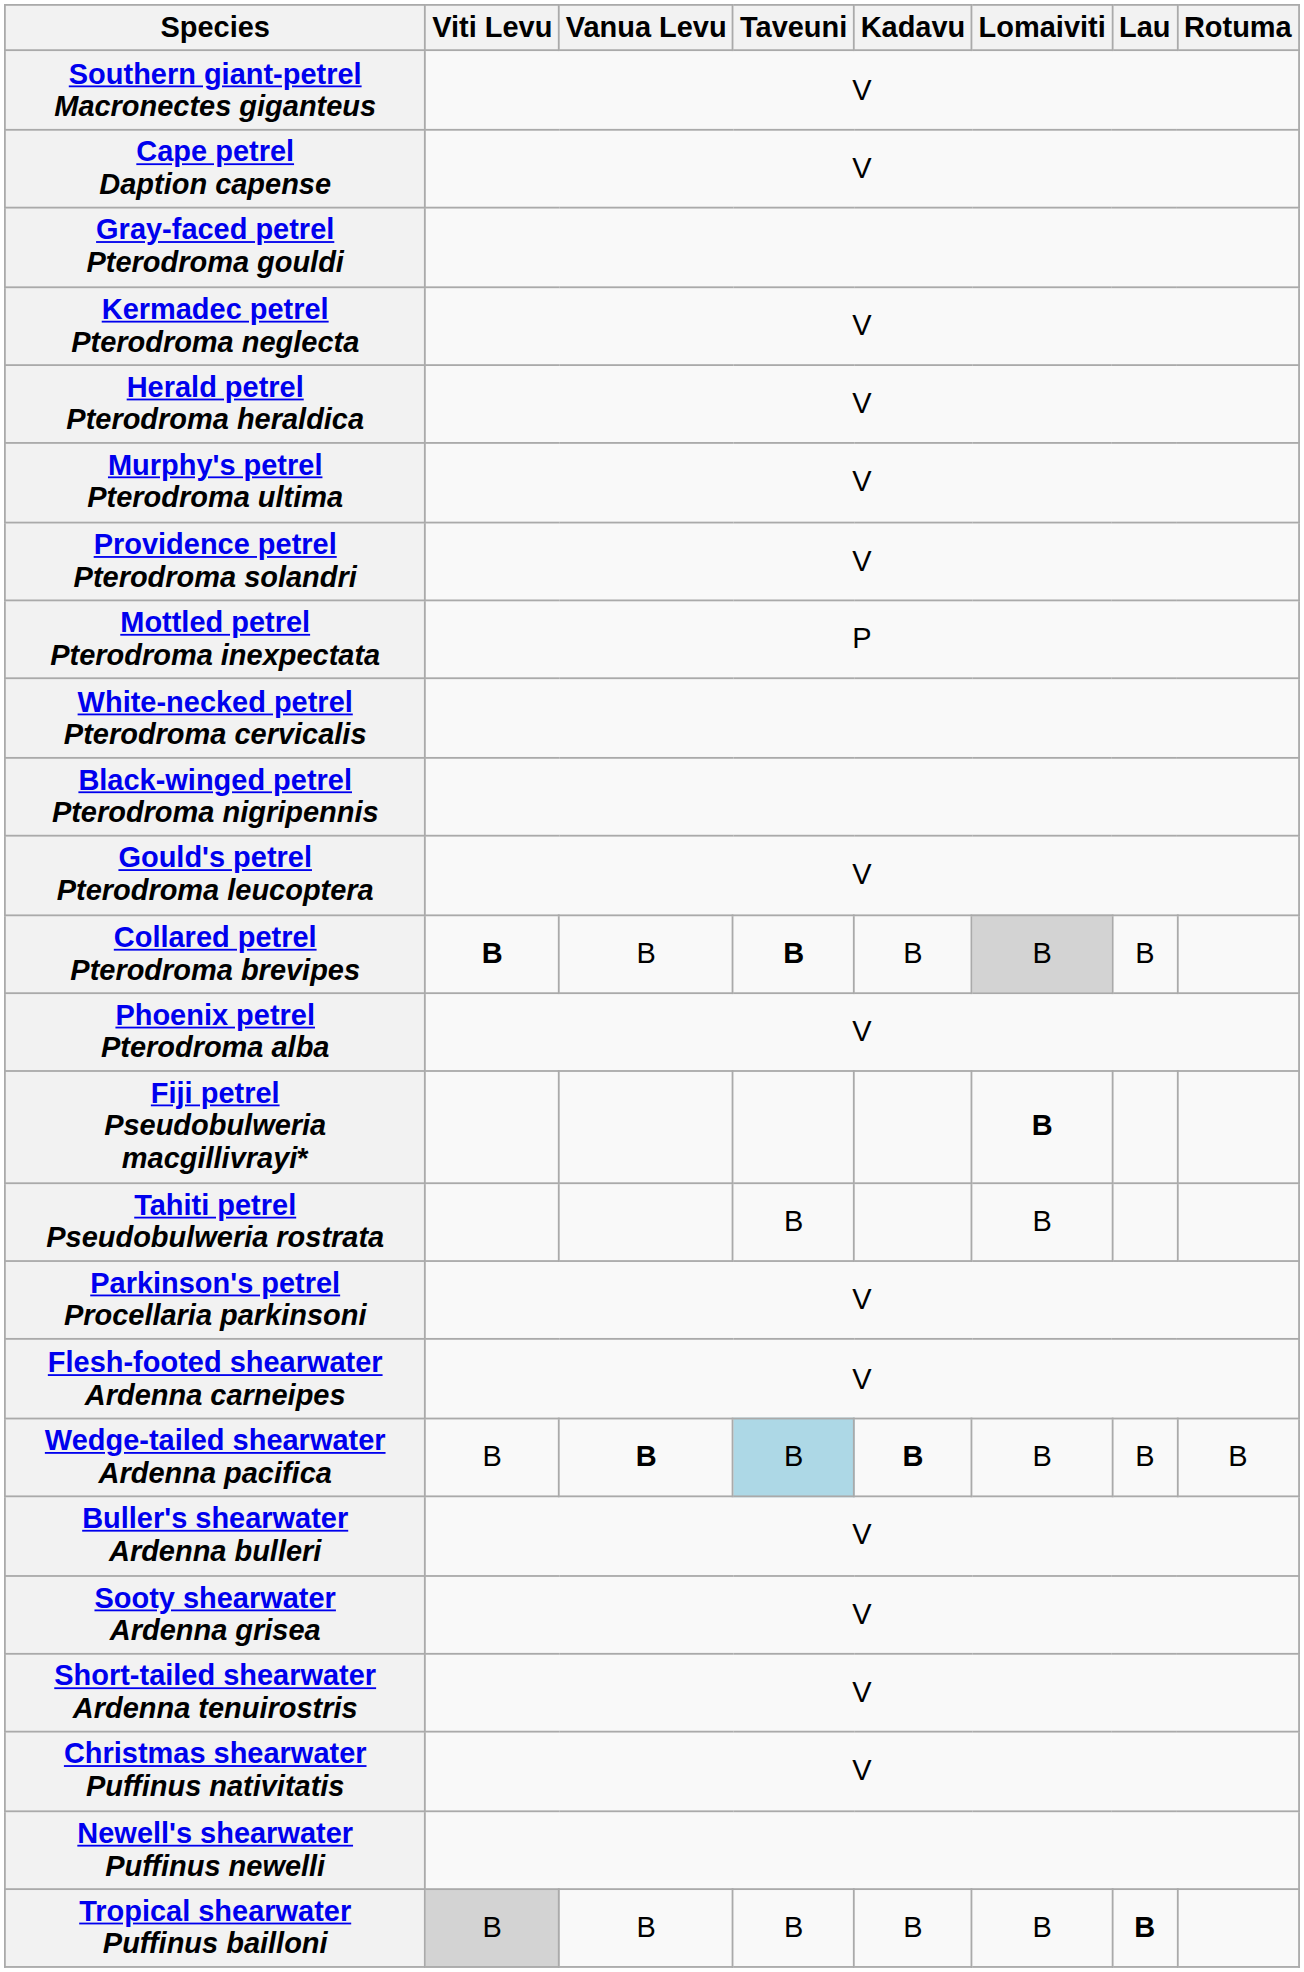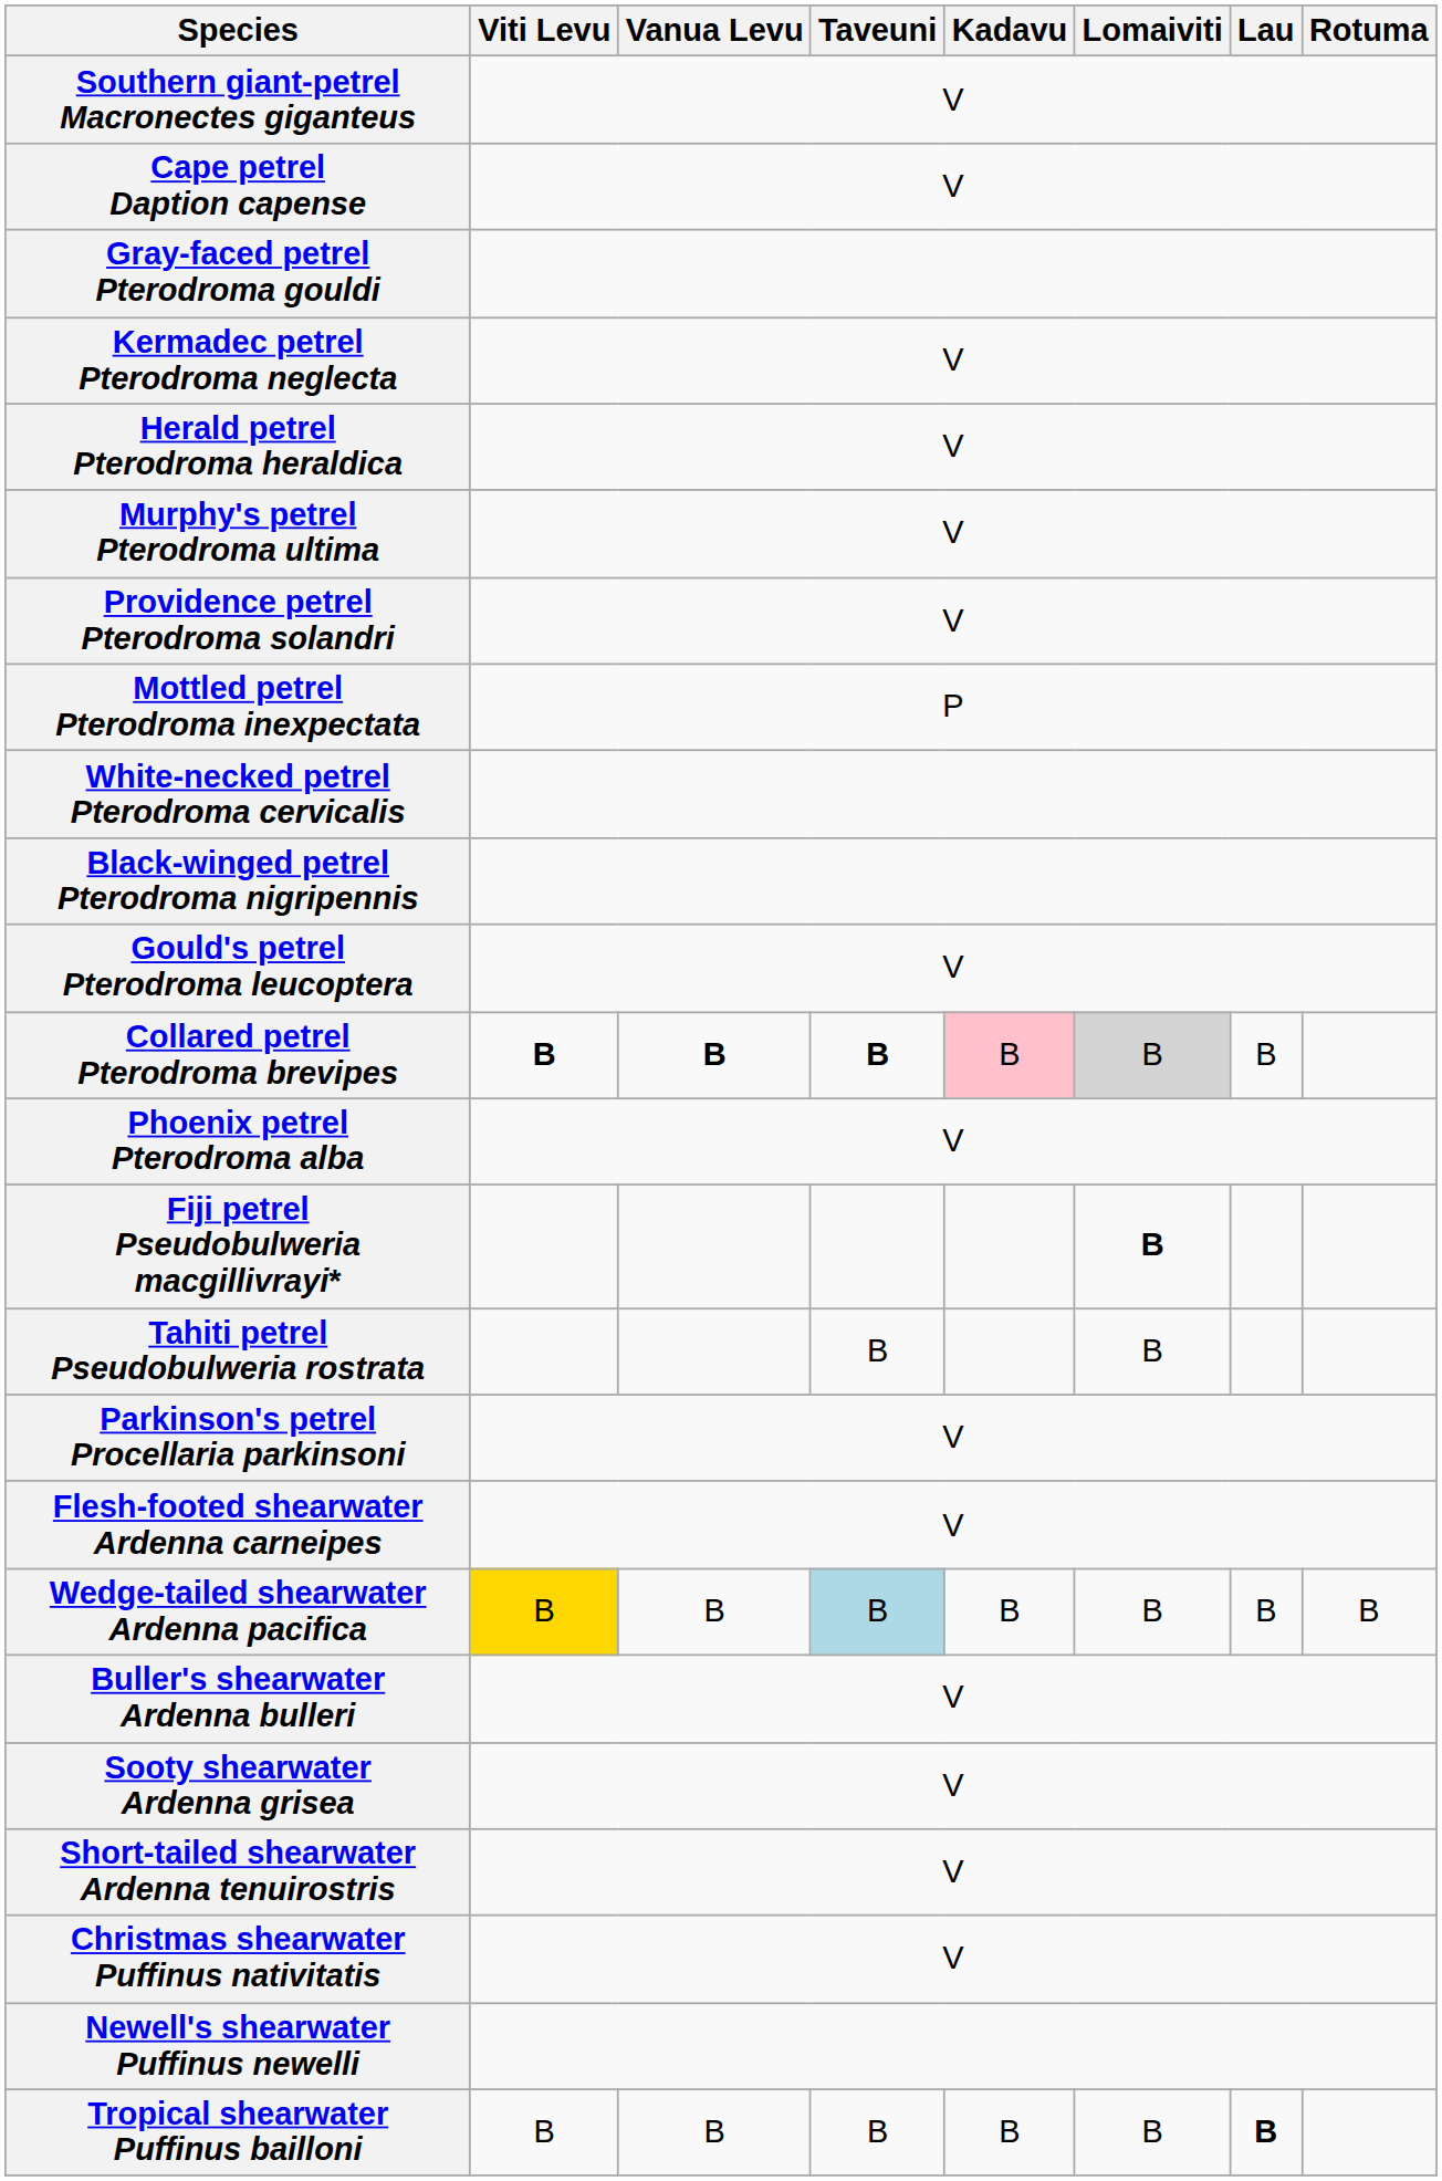 <table class="wikitable" style="text-align:center">
 <tr>
 <th width="225">Species</th>
 <th>Viti Levu</th>
 <th>Vanua Levu</th>
 <th>Taveuni</th>
 <th>Kadavu</th>
 <th>Lomaiviti</th>
 <th>Lau</th>
 <th>Rotuma</th>
 </tr>
 <tr>
 <th><a href='#'>Southern giant-petrel</a><br><em>Macronectes giganteus</em></th>
 <td colspan="8" align="center">V</td>
 </tr>
 <tr>
 <th><a href='#'>Cape petrel</a><br><em>Daption capense</em></th>
 <td colspan="8" align="center">V</td>
 </tr>
 <tr>
 <th><a href='#'>Gray-faced petrel</a><br><em>Pterodroma gouldi</em></th>
 <td colspan="8" align="center"></td>
 </tr>
 <tr>
 <th><a href='#'>Kermadec petrel</a><br><em>Pterodroma neglecta</em></th>
 <td colspan="8" align="center">V</td>
 </tr>
 <tr>
 <th><a href='#'>Herald petrel</a><br><em>Pterodroma heraldica </em></th>
 <td colspan="8" align="center">V</td>
 </tr>
 <tr>
 <th><a href='#'>Murphy's petrel</a><br><em>Pterodroma ultima</em></th>
 <td colspan="8" align="center">V</td>
 </tr>
 <tr>
 <th><a href='#'>Providence petrel</a><br><em>Pterodroma solandri</em></th>
 <td colspan="8" align="center">V</td>
 </tr>
 <tr>
 <th><a href='#'>Mottled petrel</a><br><em>Pterodroma inexpectata </em></th>
 <td colspan="8" align="center">P</td>
 </tr>
 <tr>
 <th><a href='#'>White-necked petrel</a><br><em>Pterodroma cervicalis </em></th>
 <td colspan="8" align="center"></td>
 </tr>
 <tr>
 <th><a href='#'>Black-winged petrel</a><br><em>Pterodroma nigripennis</em></th>
 <td colspan="8" align="center"></td>
 </tr>
 <tr>
 <th><a href='#'>Gould's petrel</a><br><em>Pterodroma leucoptera</em></th>
 <td colspan="8" align="center">V</td>
 </tr>
 <tr>
 <th><a href='#'>Collared petrel</a><br><em>Pterodroma brevipes</em></th>
 <td><strong>B</strong></td>
-<td>B</td>
 <td><strong>B</strong></td>
-<td>B</td>
+<td><strong>B</strong></td>
+<td style="background: pink;">B</td>
 <td style="background: lightgrey;">B</td>
 <td>B</td>
 <td></td>
 </tr>
 <tr>
 <th><a href='#'>Phoenix petrel</a><br><em>Pterodroma alba</em></th>
 <td colspan="8" align="center">V</td>
 </tr>
 <tr>
 <th><a href='#'>Fiji petrel</a><br><em>Pseudobulweria macgillivrayi</em>*</th>
 <td></td>
 <td></td>
 <td></td>
 <td></td>
 <td><strong>B</strong></td>
 <td></td>
 <td></td>
 </tr>
 <tr>
 <th><a href='#'>Tahiti petrel</a><br><em>Pseudobulweria rostrata</em></th>
 <td></td>
 <td></td>
 <td>B</td>
 <td></td>
 <td>B</td>
 <td></td>
 <td></td>
 </tr>
 <tr>
 <th><a href='#'>Parkinson's petrel</a><br><em>Procellaria parkinsoni</em></th>
 <td colspan="8" align="center">V</td>
 </tr>
 <tr>
 <th><a href='#'>Flesh-footed shearwater</a><br><em>Ardenna carneipes</em></th>
 <td colspan="8" align="center">V</td>
 </tr>
 <tr>
 <th><a href='#'>Wedge-tailed shearwater</a><br><em>Ardenna pacifica</em></th>
+<td style="background: gold;">B</td>
 <td>B</td>
-<td><strong>B</strong></td>
 <td style="background: lightblue;">B</td>
-<td><strong>B</strong></td>
+<td>B</td>
 <td>B</td>
 <td>B</td>
 <td>B</td>
 </tr>
 <tr>
 <th><a href='#'>Buller's shearwater</a><br><em>Ardenna bulleri</em></th>
 <td colspan="8" align="center">V</td>
 </tr>
 <tr>
 <th><a href='#'>Sooty shearwater</a><br><em>Ardenna grisea</em></th>
 <td colspan="8" align="center">V</td>
 </tr>
 <tr>
 <th><a href='#'>Short-tailed shearwater</a><br><em>Ardenna tenuirostris </em></th>
 <td colspan="8" align="center">V</td>
 </tr>
 <tr>
 <th><a href='#'>Christmas shearwater</a><br><em>Puffinus nativitatis </em></th>
 <td colspan="8" align="center">V</td>
 </tr>
 <tr>
 <th><a href='#'>Newell's shearwater</a><br><em>Puffinus newelli </em></th>
 <td colspan="8" align="center"></td>
 </tr>
 <tr>
 <th><a href='#'>Tropical shearwater</a><br><em>Puffinus bailloni</em></th>
-<td style="background: lightgrey;">B</td>
+<td>B</td>
 <td>B</td>
 <td>B</td>
 <td>B</td>
 <td>B</td>
 <td><strong>B</strong></td>
 <td></td>
 </tr>
 </table>
